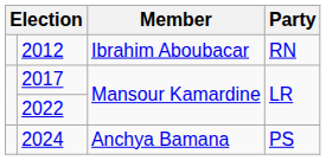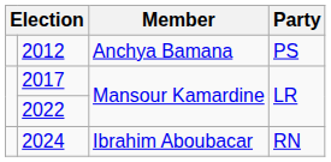 <table class="wikitable">
 <tr>
 <th colspan="2">Election</th>
 <th>Member</th>
 <th>Party</th>
 </tr>
 <tr>
 <td style="color:inherit;background-color: "></td>
 <td><a href='#'>2012</a></td>
-<td><a href='#'>Ibrahim Aboubacar</a></td>
-<td><a href='#'>RN</a></td>
+<td><a href='#'>Anchya Bamana</a></td>
+<td><a href='#'>PS</a></td>
 </tr>
 <tr>
 <td rowspan="2" style="color:inherit;background-color:"></td>
 <td><a href='#'>2017</a></td>
 <td rowspan="2"><a href='#'>Mansour Kamardine</a></td>
 <td rowspan="2"><a href='#'>LR</a></td>
 </tr>
 <tr>
 <td><a href='#'>2022</a></td>
 </tr>
 <tr>
 <td style="color:inherit;background-color:"></td>
 <td><a href='#'>2024</a></td>
-<td><a href='#'>Anchya Bamana</a></td>
-<td><a href='#'>PS</a></td>
+<td><a href='#'>Ibrahim Aboubacar</a></td>
+<td><a href='#'>RN</a></td>
 </tr>
 </table>
